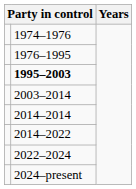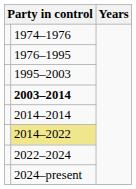 <table class="wikitable">
 <tr>
 <th colspan="2">Party in control</th>
 <th>Years</th>
 </tr>
 <tr>
 <td></td>
 <td>1974–1976</td>
 </tr>
 <tr>
 <td></td>
 <td>1976–1995</td>
 </tr>
 <tr>
 <td></td>
-<td><strong>1995–2003</strong></td>
+<td>1995–2003</td>
 </tr>
 <tr>
 <td></td>
-<td>2003–2014</td>
+<td><strong>2003–2014</strong></td>
 </tr>
 <tr>
 <td></td>
 <td>2014–2014</td>
 </tr>
 <tr>
 <td></td>
-<td>2014–2022</td>
+<td style="background: khaki;">2014–2022</td>
 </tr>
 <tr>
 <td></td>
 <td>2022–2024</td>
 </tr>
 <tr>
 <td></td>
 <td>2024–present</td>
 </tr>
 </table>
